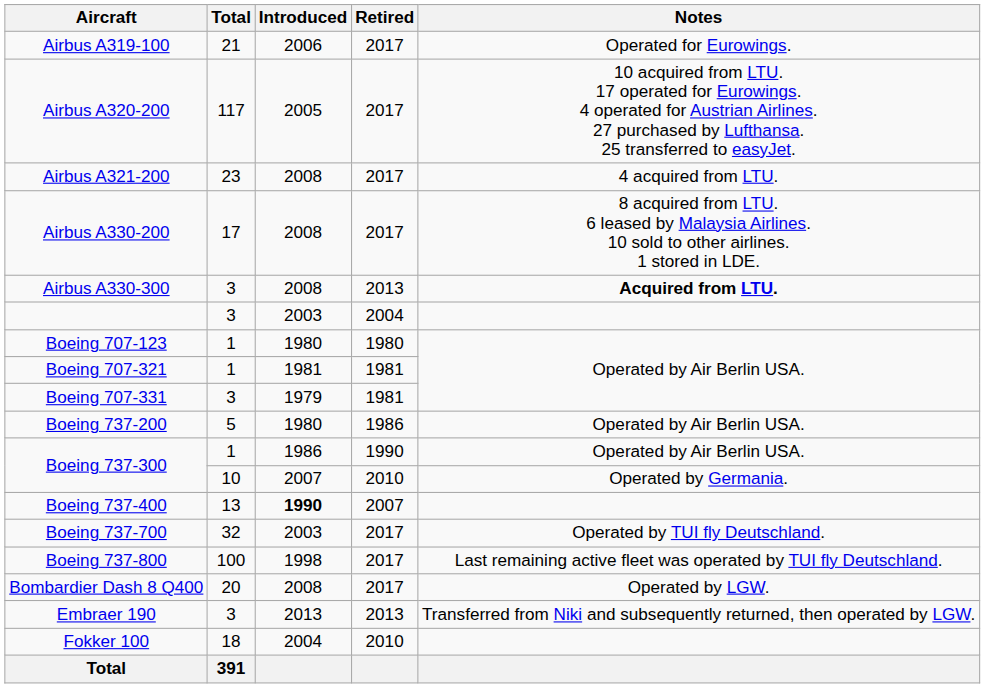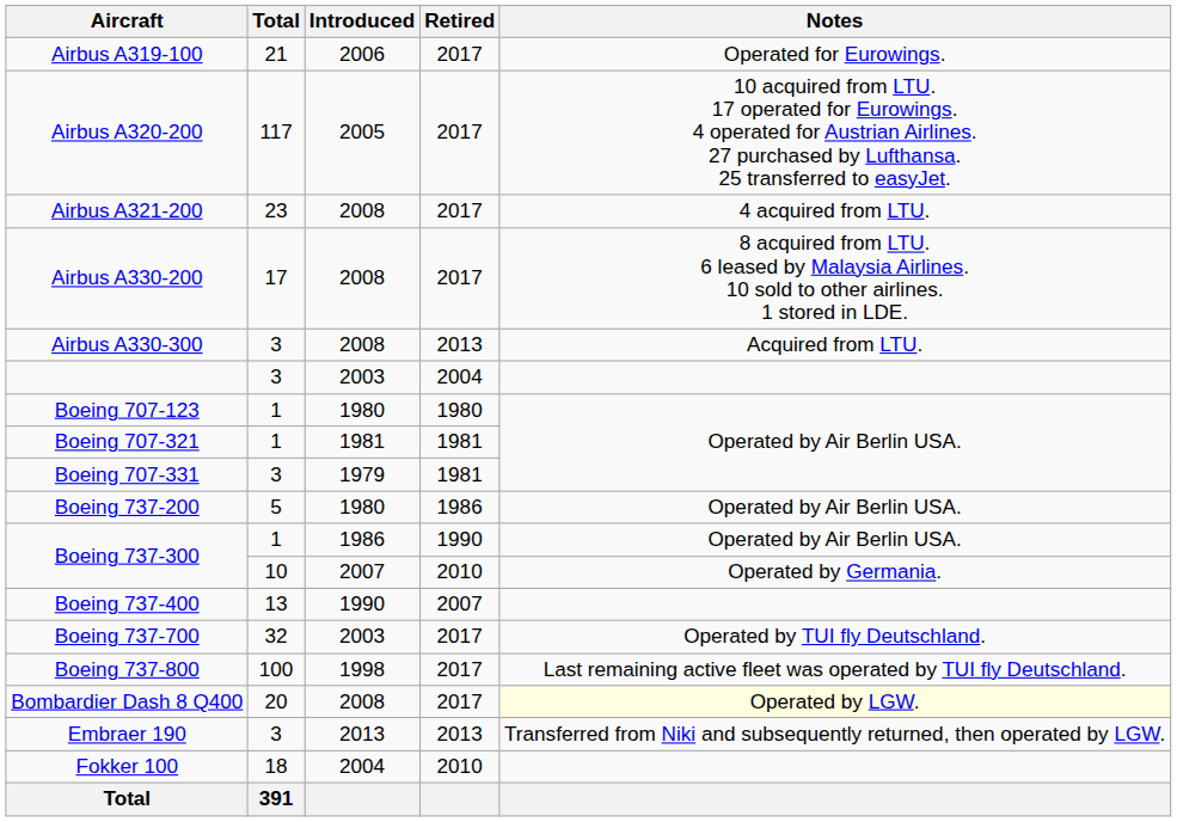 <table class="wikitable" style="border-collapse:collapse;text-align:center;margin:auto;">
 <tr>
 <th>Aircraft</th>
 <th>Total</th>
 <th>Introduced</th>
 <th>Retired</th>
 <th>Notes</th>
 </tr>
 <tr>
 <td><a href='#'>Airbus A319-100</a></td>
 <td>21</td>
 <td>2006</td>
 <td>2017</td>
 <td>Operated for <a href='#'>Eurowings</a>.</td>
 </tr>
 <tr>
 <td><a href='#'>Airbus A320-200</a></td>
 <td>117</td>
 <td>2005</td>
 <td>2017</td>
 <td>10 acquired from <a href='#'>LTU</a>.<br>17 operated for <a href='#'>Eurowings</a>.<br>4 operated for <a href='#'>Austrian Airlines</a>.<br>27 purchased by <a href='#'>Lufthansa</a>.<br>25 transferred to <a href='#'>easyJet</a>.</td>
 </tr>
 <tr>
 <td><a href='#'>Airbus A321-200</a></td>
 <td>23</td>
 <td>2008</td>
 <td>2017</td>
 <td>4 acquired from <a href='#'>LTU</a>.</td>
 </tr>
 <tr>
 <td><a href='#'>Airbus A330-200</a></td>
 <td>17</td>
 <td>2008</td>
 <td>2017</td>
 <td>8 acquired from <a href='#'>LTU</a>.<br>6 leased by <a href='#'>Malaysia Airlines</a>.<br>10 sold to other airlines.<br>1 stored in LDE.</td>
 </tr>
 <tr>
 <td><a href='#'>Airbus A330-300</a></td>
 <td>3</td>
 <td>2008</td>
 <td>2013</td>
-<td><strong>Acquired from <a href='#'>LTU</a>.</strong></td>
+<td>Acquired from <a href='#'>LTU</a>.</td>
 </tr>
 <tr>
 <td></td>
 <td>3</td>
 <td>2003</td>
 <td>2004</td>
 <td></td>
 </tr>
 <tr>
 <td><a href='#'>Boeing 707-123</a></td>
 <td>1</td>
 <td>1980</td>
 <td>1980</td>
 <td rowspan="3">Operated by Air Berlin USA.</td>
 </tr>
 <tr>
 <td><a href='#'>Boeing 707-321</a></td>
 <td>1</td>
 <td>1981</td>
 <td>1981</td>
 </tr>
 <tr>
 <td><a href='#'>Boeing 707-331</a></td>
 <td>3</td>
 <td>1979</td>
 <td>1981</td>
 </tr>
 <tr>
 <td><a href='#'>Boeing 737-200</a></td>
 <td>5</td>
 <td>1980</td>
 <td>1986</td>
 <td>Operated by Air Berlin USA.</td>
 </tr>
 <tr>
 <td rowspan="2"><a href='#'>Boeing 737-300</a></td>
 <td>1</td>
 <td>1986</td>
 <td>1990</td>
 <td>Operated by Air Berlin USA.</td>
 </tr>
 <tr>
 <td>10</td>
 <td>2007</td>
 <td>2010</td>
 <td>Operated by <a href='#'>Germania</a>.</td>
 </tr>
 <tr>
 <td><a href='#'>Boeing 737-400</a></td>
 <td>13</td>
-<td><strong>1990</strong></td>
+<td>1990</td>
 <td>2007</td>
 <td></td>
 </tr>
 <tr>
 <td><a href='#'>Boeing 737-700</a></td>
 <td>32</td>
 <td>2003</td>
 <td>2017</td>
 <td>Operated by <a href='#'>TUI fly Deutschland</a>.</td>
 </tr>
 <tr>
 <td><a href='#'>Boeing 737-800</a></td>
 <td>100</td>
 <td>1998</td>
 <td>2017</td>
 <td>Last remaining active fleet was operated by <a href='#'>TUI fly Deutschland</a>.</td>
 </tr>
 <tr>
 <td><a href='#'>Bombardier Dash 8 Q400</a></td>
 <td>20</td>
 <td>2008</td>
 <td>2017</td>
-<td>Operated by <a href='#'>LGW</a>.</td>
+<td style="background: lightyellow;">Operated by <a href='#'>LGW</a>.</td>
 </tr>
 <tr>
 <td><a href='#'>Embraer 190</a></td>
 <td>3</td>
 <td>2013</td>
 <td>2013</td>
 <td>Transferred from <a href='#'>Niki</a> and subsequently returned, then operated by <a href='#'>LGW</a>.</td>
 </tr>
 <tr>
 <td><a href='#'>Fokker 100</a></td>
 <td>18</td>
 <td>2004</td>
 <td>2010</td>
 <td></td>
 </tr>
 <tr>
 <th>Total</th>
 <th>391</th>
 <th></th>
 <th></th>
 <th></th>
 </tr>
 </table>
